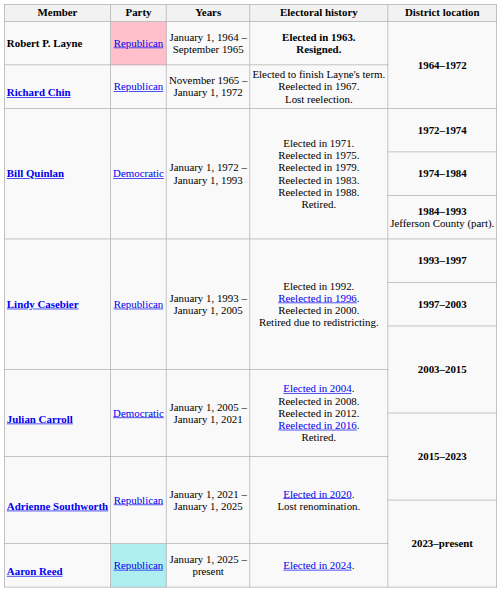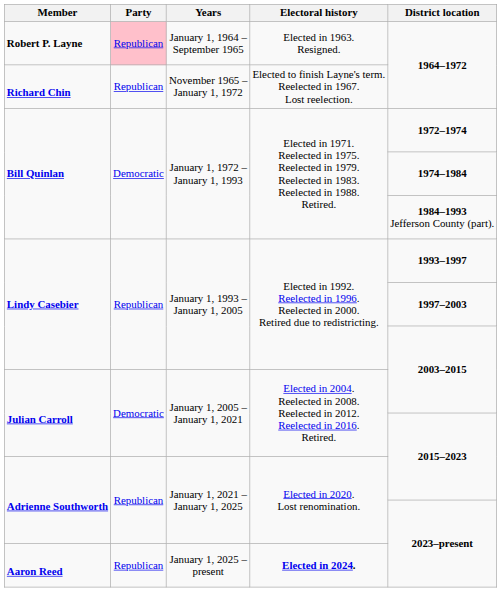 <table class=wikitable style="text-align:center">
 <tr>
 <th>Member</th>
 <th>Party</th>
 <th>Years</th>
 <th>Electoral history</th>
 <th>District location</th>
 </tr>
 <tr style="height:4em">
 <td align=left><strong>Robert P. Layne</strong><br></td>
 <td style="background: pink;"><a href='#'>Republican</a></td>
 <td nowrap>January 1, 1964 –<br>September 1965</td>
-<td><strong>Elected in 1963.<br>Resigned.</strong></td>
+<td>Elected in 1963.<br>Resigned.</td>
 <td rowspan=2><strong>1964–1972</strong><br></td>
 </tr>
 <tr style="height:4em">
 <td align=left><br><strong><a href='#'>Richard Chin</a></strong><br></td>
 <td><a href='#'>Republican</a></td>
 <td nowrap>November 1965 –<br>January 1, 1972</td>
 <td>Elected to finish Layne's term.<br>Reelected in 1967.<br>Lost reelection.</td>
 </tr>
 <tr style="height:4em">
 <td rowspan=3 align=left><strong><a href='#'>Bill Quinlan</a></strong><br></td>
 <td rowspan=3 ><a href='#'>Democratic</a></td>
 <td rowspan=3 nowrap>January 1, 1972 –<br>January 1, 1993</td>
 <td rowspan=3>Elected in 1971.<br>Reelected in 1975.<br>Reelected in 1979.<br>Reelected in 1983.<br>Reelected in 1988.<br>Retired.</td>
 <td><strong>1972–1974</strong><br></td>
 </tr>
 <tr style="height:4em">
 <td><strong>1974–1984</strong><br></td>
 </tr>
 <tr style="height:4em">
 <td><strong>1984–1993</strong><br>Jefferson County (part).</td>
 </tr>
 <tr style="height:4em">
 <td rowspan=3 align=left><strong><a href='#'>Lindy Casebier</a></strong><br></td>
 <td rowspan=3 ><a href='#'>Republican</a></td>
 <td rowspan=3 nowrap>January 1, 1993 –<br>January 1, 2005</td>
 <td rowspan=3>Elected in 1992.<br><a href='#'>Reelected in 1996</a>.<br>Reelected in 2000.<br>Retired due to redistricting.</td>
 <td><strong>1993–1997</strong><br></td>
 </tr>
 <tr style="height:4em">
 <td><strong>1997–2003</strong><br></td>
 </tr>
 <tr style="height:4em">
 <td rowspan=2><strong>2003–2015</strong><br></td>
 </tr>
 <tr style="height:4em">
 <td rowspan=2 align=left><br><strong><a href='#'>Julian Carroll</a></strong><br></td>
 <td rowspan=2 ><a href='#'>Democratic</a></td>
 <td rowspan=2 nowrap>January 1, 2005 –<br>January 1, 2021</td>
 <td rowspan=2><a href='#'>Elected in 2004</a>.<br>Reelected in 2008.<br>Reelected in 2012.<br><a href='#'>Reelected in 2016</a>.<br>Retired.</td>
 </tr>
 <tr style="height:4em">
 <td rowspan=2><strong>2015–2023</strong><br></td>
 </tr>
 <tr style="height:4em">
 <td rowspan=2 align=left><br><strong><a href='#'>Adrienne Southworth</a></strong><br></td>
 <td rowspan=2 ><a href='#'>Republican</a></td>
 <td rowspan=2 nowrap>January 1, 2021 –<br>January 1, 2025</td>
 <td rowspan=2><a href='#'>Elected in 2020</a>.<br>Lost renomination.</td>
 </tr>
 <tr style="height:4em">
 <td rowspan=2><strong>2023–present</strong><br></td>
 </tr>
 <tr style="height:4em">
 <td align=left><br><strong><a href='#'>Aaron Reed</a></strong><br></td>
-<td style="background: paleturquoise;"><a href='#'>Republican</a></td>
+<td><a href='#'>Republican</a></td>
 <td nowrap>January 1, 2025 –<br>present</td>
-<td><a href='#'>Elected in 2024</a>.</td>
+<td><strong><a href='#'>Elected in 2024</a>.</strong></td>
 </tr>
 </table>
